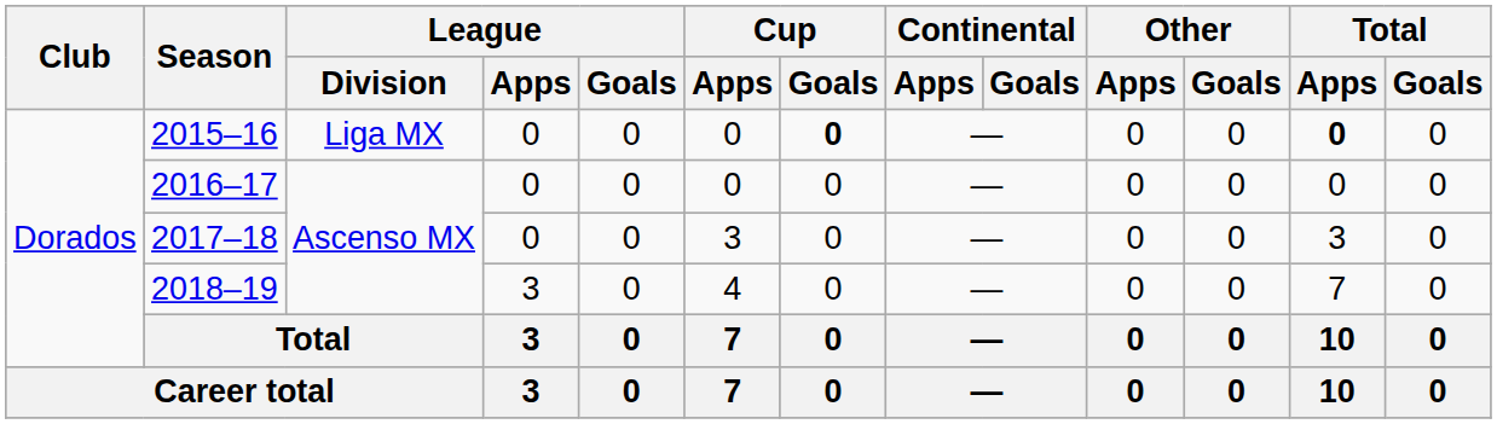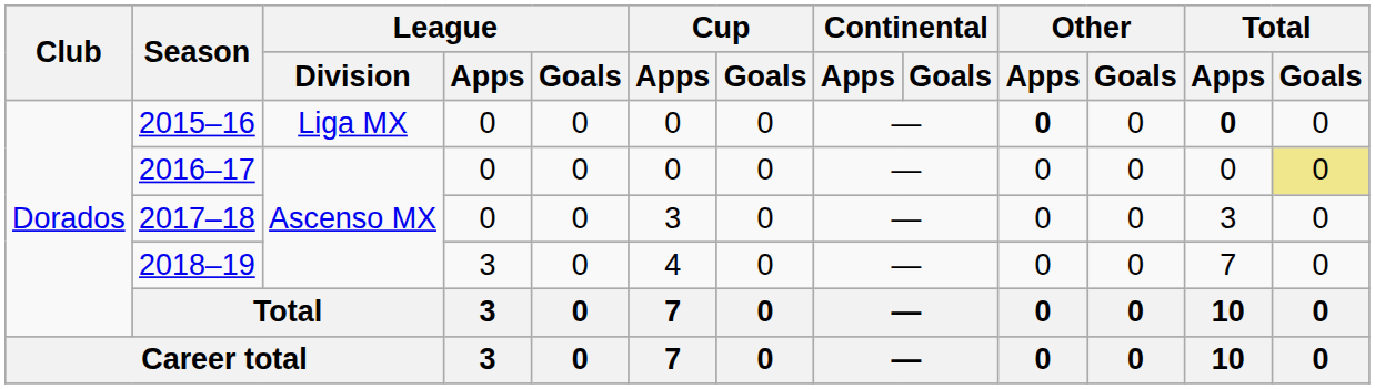 <table class="wikitable" style="text-align:center">
 <tr>
 <th rowspan="2">Club</th>
 <th rowspan="2">Season</th>
 <th colspan="3">League</th>
 <th colspan="2">Cup</th>
 <th colspan="2">Continental</th>
 <th colspan="2">Other</th>
 <th colspan="2">Total</th>
 </tr>
 <tr>
 <th>Division</th>
 <th>Apps</th>
 <th>Goals</th>
 <th>Apps</th>
 <th>Goals</th>
 <th>Apps</th>
 <th>Goals</th>
 <th>Apps</th>
 <th>Goals</th>
 <th>Apps</th>
 <th>Goals</th>
 </tr>
 <tr>
 <td rowspan="5"><a href='#'>Dorados</a></td>
 <td><a href='#'>2015–16</a></td>
 <td rowspan="1"><a href='#'>Liga MX</a></td>
 <td>0</td>
 <td>0</td>
 <td>0</td>
+<td>0</td>
+<td colspan="2">—</td>
 <td><strong>0</strong></td>
-<td colspan="2">—</td>
-<td>0</td>
 <td>0</td>
 <td><strong>0</strong></td>
 <td>0</td>
 </tr>
 <tr>
 <td><a href='#'>2016–17</a></td>
 <td rowspan="3"><a href='#'>Ascenso MX</a></td>
 <td>0</td>
 <td>0</td>
 <td>0</td>
 <td>0</td>
 <td colspan="2">—</td>
 <td>0</td>
 <td>0</td>
 <td>0</td>
-<td>0</td>
+<td style="background: khaki;">0</td>
 </tr>
 <tr>
 <td><a href='#'>2017–18</a></td>
 <td>0</td>
 <td>0</td>
 <td>3</td>
 <td>0</td>
 <td colspan="2">—</td>
 <td>0</td>
 <td>0</td>
 <td>3</td>
 <td>0</td>
 </tr>
 <tr>
 <td><a href='#'>2018–19</a></td>
 <td>3</td>
 <td>0</td>
 <td>4</td>
 <td>0</td>
 <td colspan="2">—</td>
 <td>0</td>
 <td>0</td>
 <td>7</td>
 <td>0</td>
 </tr>
 <tr>
 <th colspan="2">Total</th>
 <th>3</th>
 <th>0</th>
 <th>7</th>
 <th>0</th>
 <th colspan="2">—</th>
 <th>0</th>
 <th>0</th>
 <th>10</th>
 <th>0</th>
 </tr>
 <tr>
 <th colspan="3">Career total</th>
 <th>3</th>
 <th>0</th>
 <th>7</th>
 <th>0</th>
 <th colspan="2">—</th>
 <th>0</th>
 <th>0</th>
 <th>10</th>
 <th>0</th>
 </tr>
 </table>
